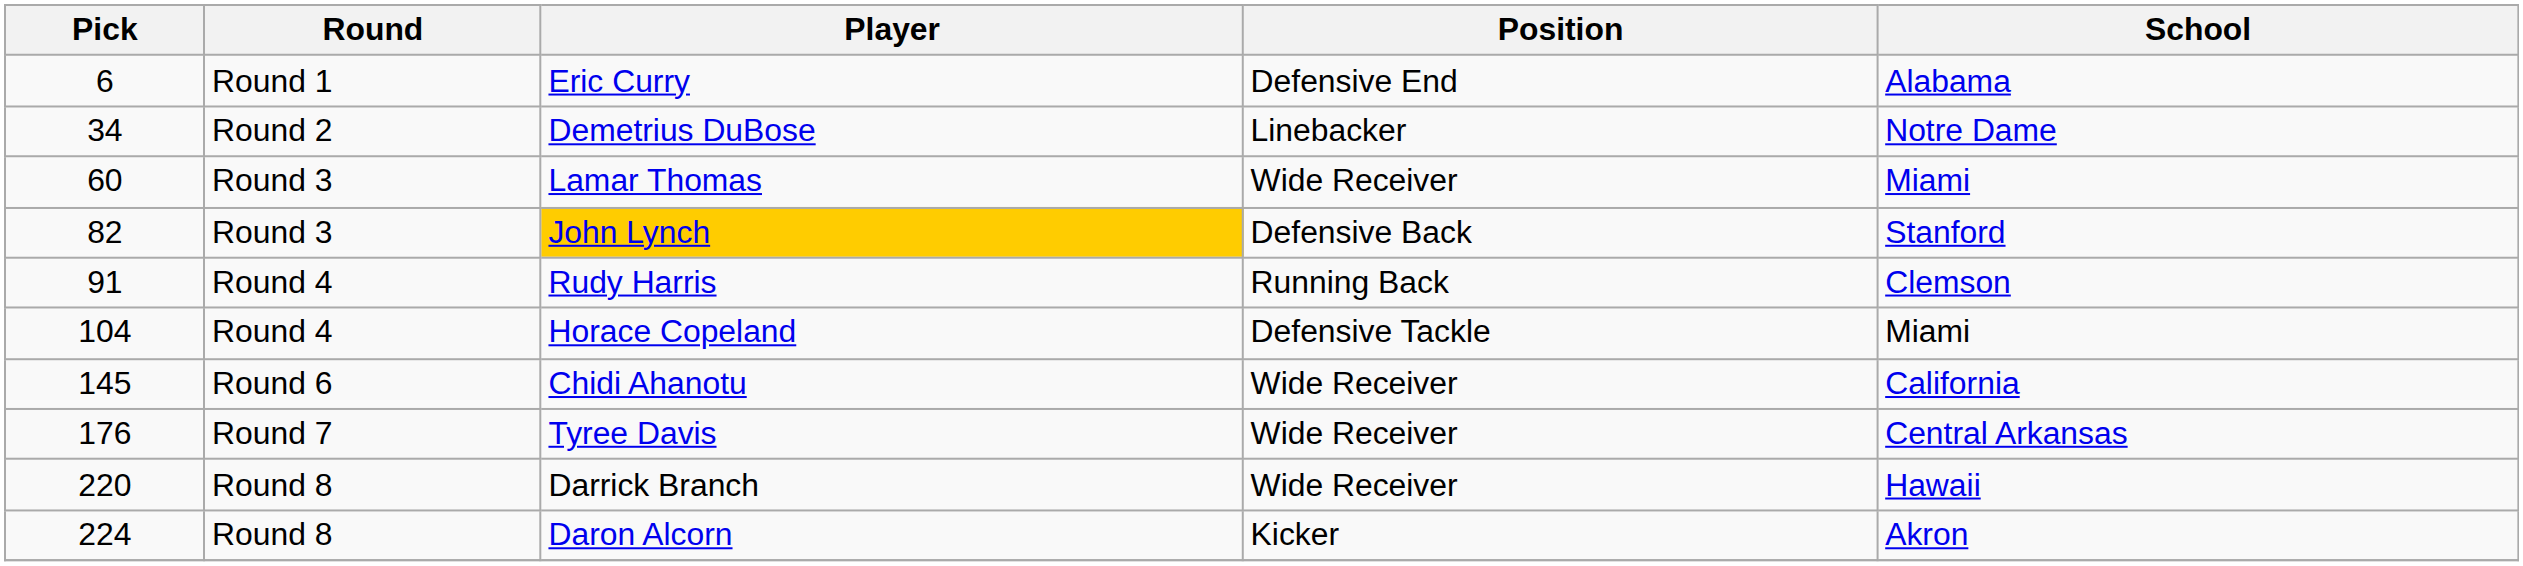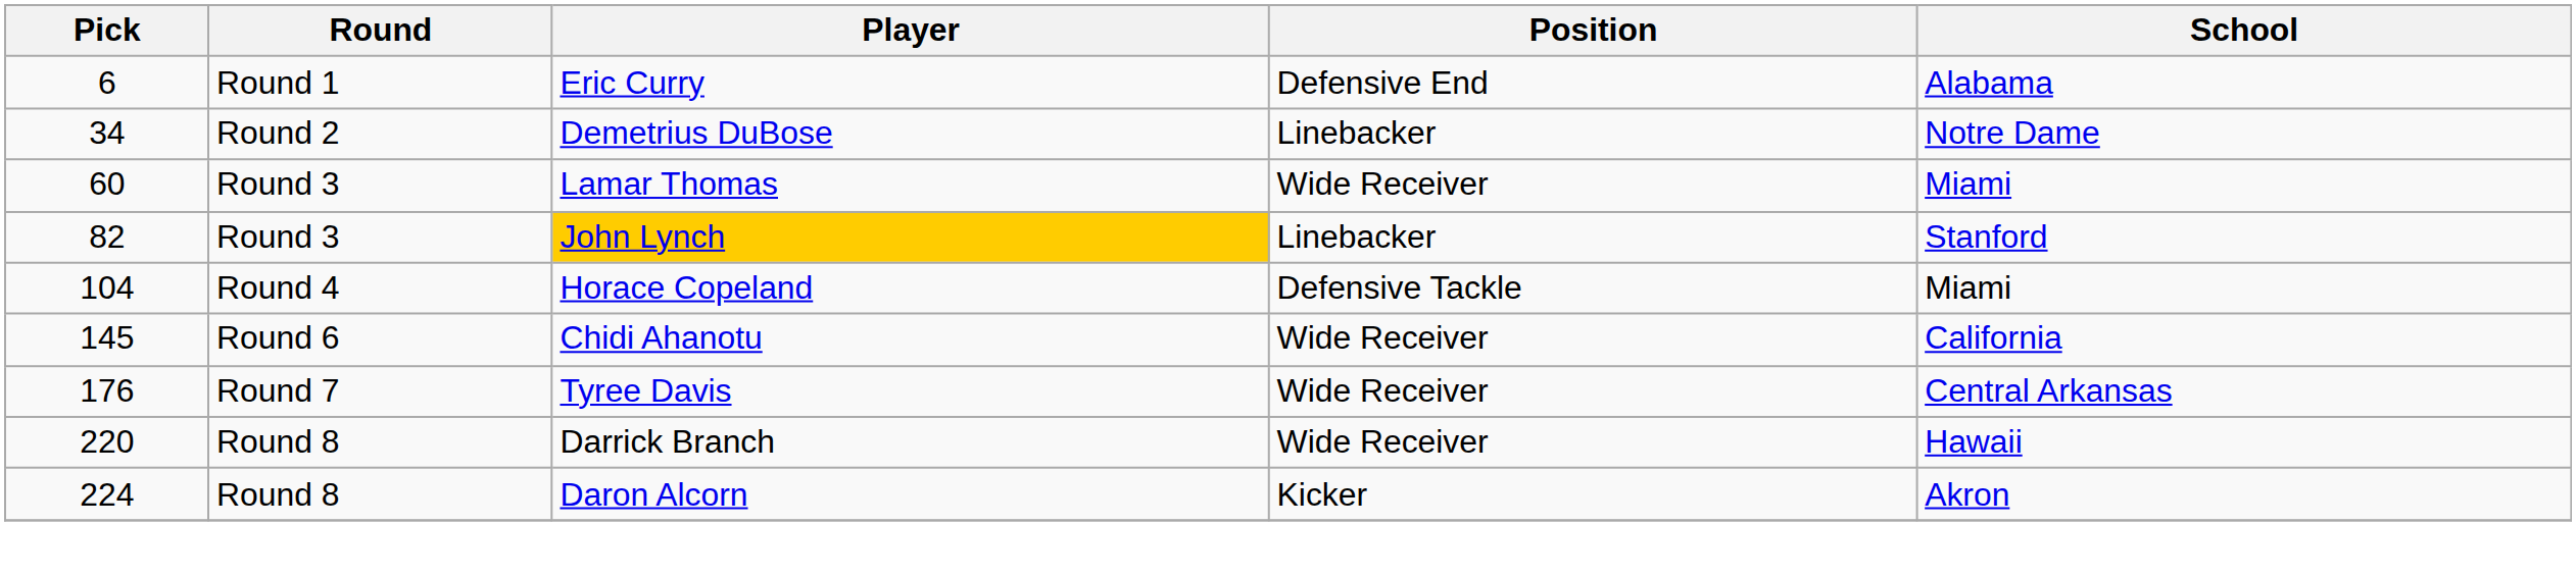 <table class="wikitable sortable sortable" style="width: 100%">
 <tr>
 <th>Pick</th>
 <th>Round</th>
 <th>Player</th>
 <th>Position</th>
 <th>School</th>
 </tr>
 <tr>
 <td align=center>6</td>
 <td>Round 1</td>
 <td><a href='#'>Eric Curry</a></td>
 <td>Defensive End</td>
 <td><a href='#'>Alabama</a></td>
 </tr>
 <tr>
 <td align=center>34</td>
 <td>Round 2</td>
 <td><a href='#'>Demetrius DuBose</a></td>
 <td>Linebacker</td>
 <td><a href='#'>Notre Dame</a></td>
 </tr>
 <tr>
 <td align=center>60</td>
 <td>Round 3</td>
 <td><a href='#'>Lamar Thomas</a></td>
 <td>Wide Receiver</td>
 <td><a href='#'>Miami</a></td>
 </tr>
 <tr>
 <td align=center>82</td>
 <td>Round 3</td>
 <td bgcolor="#FFCC00"><a href='#'>John Lynch</a></td>
-<td>Defensive Back</td>
+<td>Linebacker</td>
 <td><a href='#'>Stanford</a></td>
-</tr>
-<tr>
-<td align=center>91</td>
-<td>Round 4</td>
-<td><a href='#'>Rudy Harris</a></td>
-<td>Running Back</td>
-<td><a href='#'>Clemson</a></td>
 </tr>
 <tr>
 <td align=center>104</td>
 <td>Round 4</td>
 <td><a href='#'>Horace Copeland</a></td>
 <td>Defensive Tackle</td>
 <td>Miami</td>
 </tr>
 <tr>
 <td align=center>145</td>
 <td>Round 6</td>
 <td><a href='#'>Chidi Ahanotu</a></td>
 <td>Wide Receiver</td>
 <td><a href='#'>California</a></td>
 </tr>
 <tr>
 <td align=center>176</td>
 <td>Round 7</td>
 <td><a href='#'>Tyree Davis</a></td>
 <td>Wide Receiver</td>
 <td><a href='#'>Central Arkansas</a></td>
 </tr>
 <tr>
 <td align=center>220</td>
 <td>Round 8</td>
 <td>Darrick Branch</td>
 <td>Wide Receiver</td>
 <td><a href='#'>Hawaii</a></td>
 </tr>
 <tr>
 <td align=center>224</td>
 <td>Round 8</td>
 <td><a href='#'>Daron Alcorn</a></td>
 <td>Kicker</td>
 <td><a href='#'>Akron</a></td>
 </tr>
 <tr>
 </tr>
 </table>
